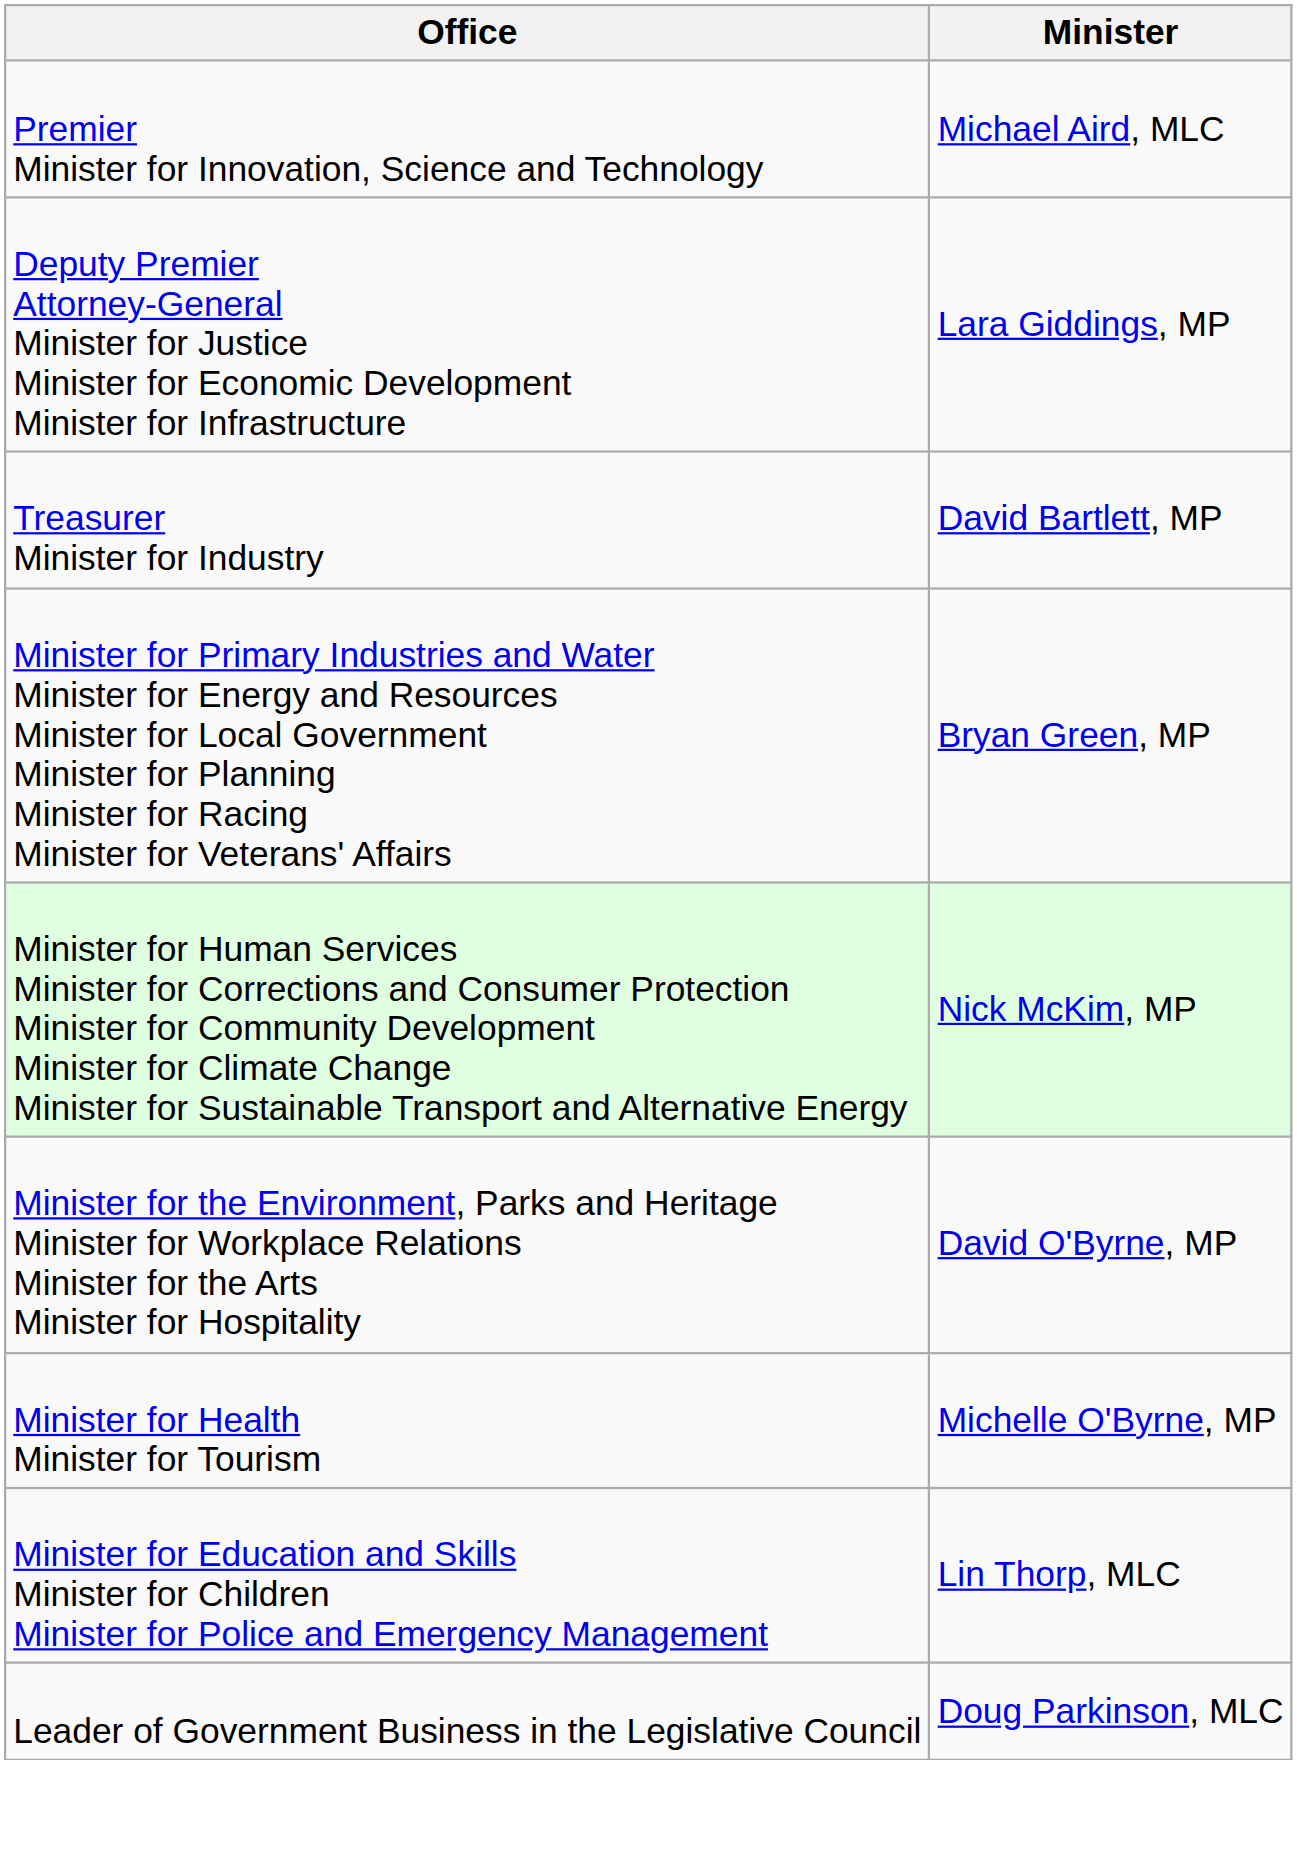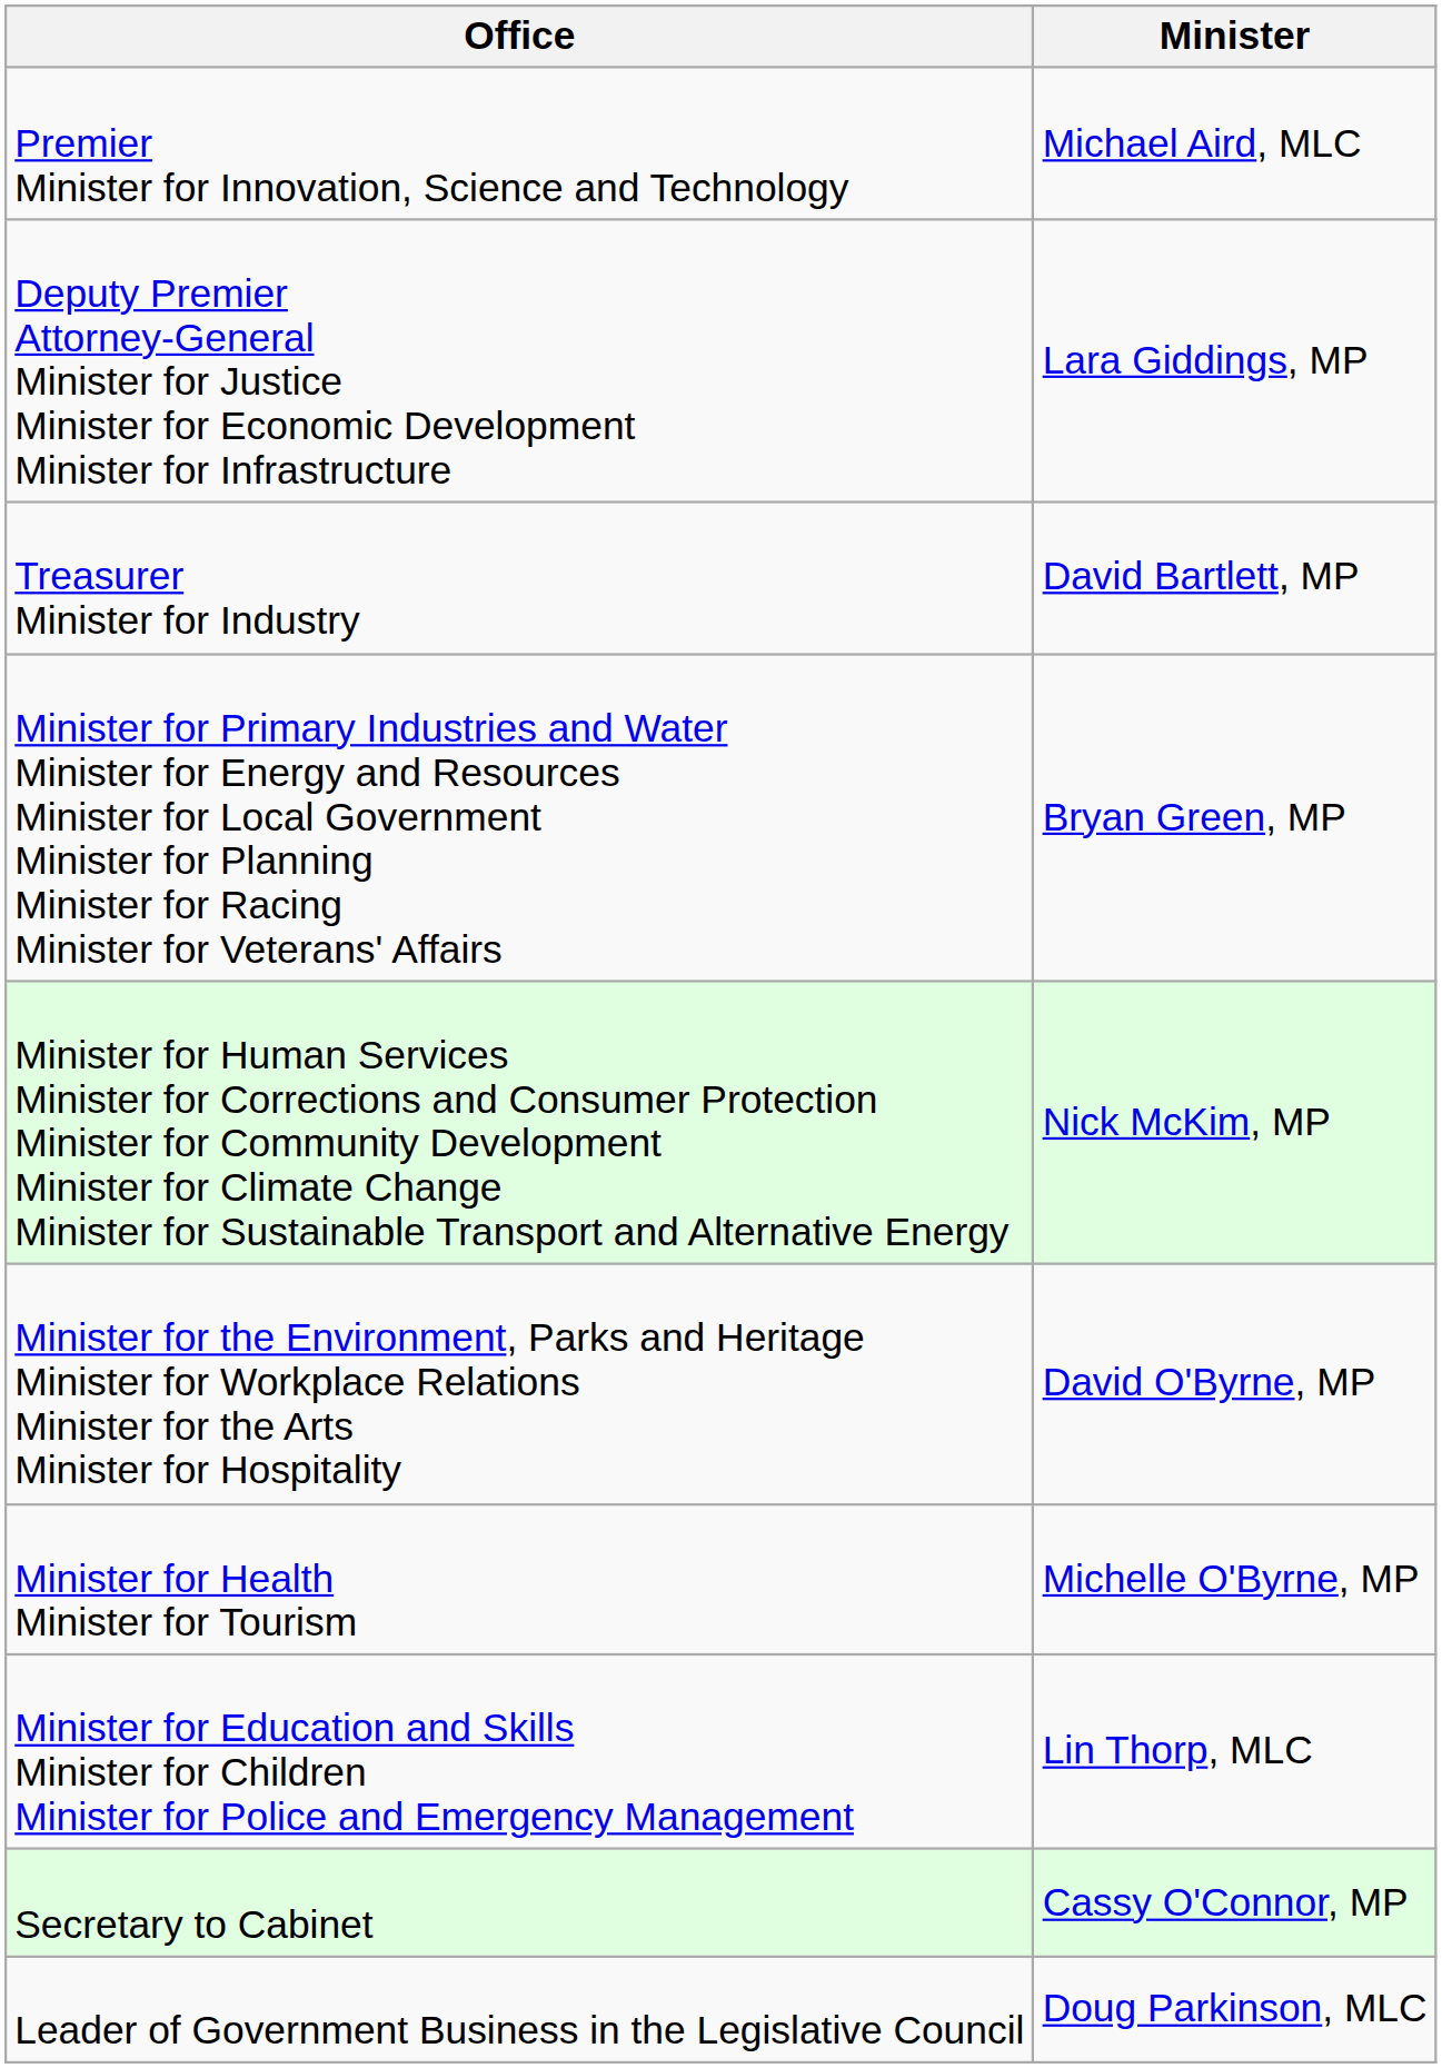 <table class="wikitable">
 <tr>
 <th>Office</th>
 <th>Minister</th>
 </tr>
 <tr>
 <td><br><a href='#'>Premier</a><br> Minister for Innovation, Science and Technology</td>
 <td><a href='#'>Michael Aird</a>, MLC</td>
 </tr>
 <tr>
 <td><br><a href='#'>Deputy Premier</a><br> <a href='#'>Attorney-General</a><br> Minister for Justice<br> Minister for Economic Development<br> Minister for Infrastructure</td>
 <td><a href='#'>Lara Giddings</a>, MP</td>
 </tr>
 <tr>
 <td><br><a href='#'>Treasurer</a><br> Minister for Industry</td>
 <td><a href='#'>David Bartlett</a>, MP</td>
 </tr>
 <tr>
 <td><br><a href='#'>Minister for Primary Industries and Water</a><br> Minister for Energy and Resources<br> Minister for Local Government<br> Minister for Planning<br> Minister for Racing<br> Minister for Veterans' Affairs<br></td>
 <td><a href='#'>Bryan Green</a>, MP</td>
 </tr>
 <tr bgcolor="#e0ffe0">
 <td><br>Minister for Human Services<br> Minister for Corrections and Consumer Protection<br> Minister for Community Development<br> Minister for Climate Change<br> Minister for Sustainable Transport and Alternative Energy</td>
 <td><a href='#'>Nick McKim</a>, MP</td>
 </tr>
 <tr>
 <td><br><a href='#'>Minister for the Environment</a>, Parks and Heritage<br> Minister for Workplace Relations<br> Minister for the Arts<br> Minister for Hospitality<br></td>
 <td><a href='#'>David O'Byrne</a>, MP</td>
 </tr>
 <tr>
 <td><br><a href='#'>Minister for Health</a><br> Minister for Tourism<br></td>
 <td><a href='#'>Michelle O'Byrne</a>, MP</td>
 </tr>
 <tr>
 <td><br><a href='#'>Minister for Education and Skills</a><br> Minister for Children<br> <a href='#'>Minister for Police and Emergency Management</a><br></td>
 <td><a href='#'>Lin Thorp</a>, MLC</td>
 </tr>
+<tr bgcolor="#e0ffe0">
+<td><br>Secretary to Cabinet</td>
+<td><a href='#'>Cassy O'Connor</a>, MP</td>
+</tr>
 <tr>
 <td><br>Leader of Government Business in the Legislative Council</td>
 <td><a href='#'>Doug Parkinson</a>, MLC</td>
 </tr>
 </table>
